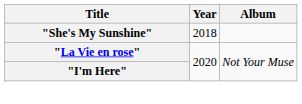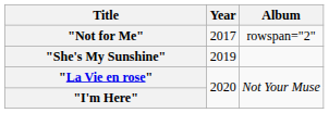 <table class="wikitable plainrowheaders" style="text-align:center;">
 <tr>
 <th scope="col" style="width:15em;">Title</th>
 <th scope="col" style="width:1em;">Year</th>
 <th scope="col">Album</th>
 </tr>
 <tr>
+<th scope="row">"Not for Me"</th>
+<td>2017</td>
+<td>rowspan="2" </td>
+</tr>
+<tr>
 <th scope="row">"She's My Sunshine"</th>
-<td>2018</td>
+<td>2019</td>
 </tr>
 <tr>
 <th scope="row">"<a href='#'>La Vie en rose</a>"</th>
 <td rowspan="2">2020</td>
 <td rowspan="2"><em>Not Your Muse</em></td>
 </tr>
 <tr>
 <th scope="row">"I'm Here"</th>
 </tr>
 </table>
